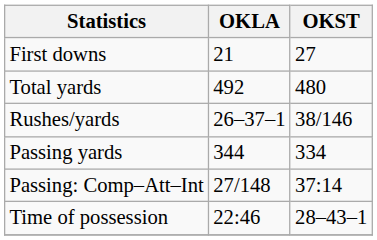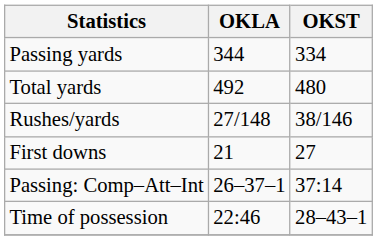 <table class="wikitable" style="float: left;">
 <tr>
 <th>Statistics</th>
 <th>OKLA</th>
 <th>OKST</th>
 </tr>
 <tr>
-<td>First downs</td>
-<td>21</td>
-<td>27</td>
+<td>Passing yards</td>
+<td>344</td>
+<td>334</td>
 </tr>
 <tr>
 <td>Total yards</td>
 <td>492</td>
 <td>480</td>
 </tr>
 <tr>
 <td>Rushes/yards</td>
-<td>26–37–1</td>
+<td>27/148</td>
 <td>38/146</td>
 </tr>
 <tr>
-<td>Passing yards</td>
-<td>344</td>
-<td>334</td>
+<td>First downs</td>
+<td>21</td>
+<td>27</td>
 </tr>
 <tr>
 <td>Passing: Comp–Att–Int</td>
-<td>27/148</td>
+<td>26–37–1</td>
 <td>37:14</td>
 </tr>
 <tr>
 <td>Time of possession</td>
 <td>22:46</td>
 <td>28–43–1</td>
 </tr>
 <tr>
 </tr>
 </table>
